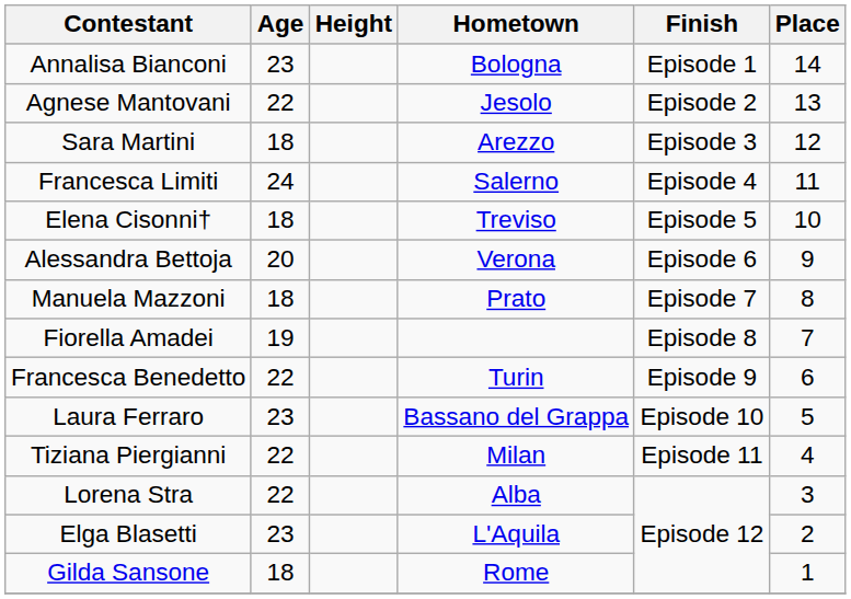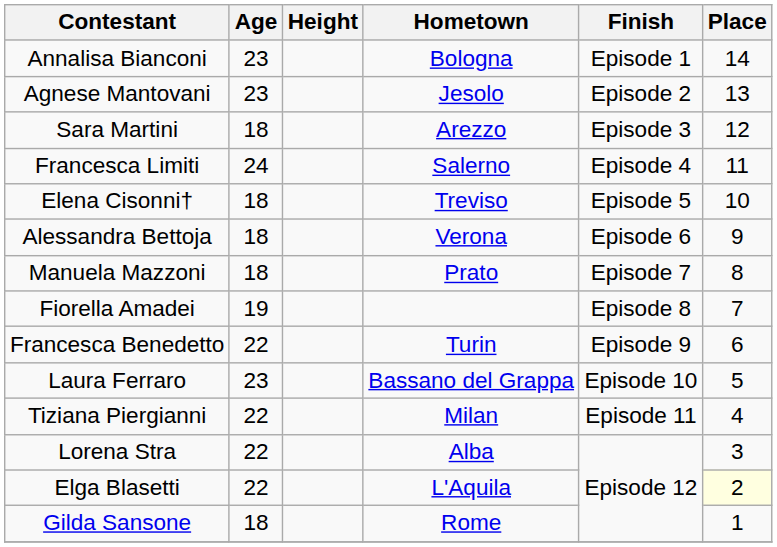 <table class="wikitable sortable" style="text-align:center;">
 <tr>
 <th colspan="1">Contestant</th>
 <th colspan="1">Age</th>
 <th colspan="1">Height</th>
 <th colspan="1">Hometown</th>
 <th colspan="1">Finish</th>
 <th>Place</th>
 </tr>
 <tr>
 <td>Annalisa Bianconi</td>
 <td>23</td>
 <td></td>
 <td><a href='#'>Bologna</a></td>
 <td>Episode 1</td>
 <td>14</td>
 </tr>
 <tr>
 <td>Agnese Mantovani</td>
-<td>22</td>
+<td>23</td>
 <td></td>
 <td><a href='#'>Jesolo</a></td>
 <td>Episode 2</td>
 <td>13</td>
 </tr>
 <tr>
 <td>Sara Martini</td>
 <td>18</td>
 <td></td>
 <td><a href='#'>Arezzo</a></td>
 <td>Episode 3</td>
 <td>12</td>
 </tr>
 <tr>
 <td>Francesca Limiti</td>
 <td>24</td>
 <td></td>
 <td><a href='#'>Salerno</a></td>
 <td>Episode 4</td>
 <td>11</td>
 </tr>
 <tr>
 <td>Elena Cisonni†</td>
 <td>18</td>
 <td></td>
 <td><a href='#'>Treviso</a></td>
 <td>Episode 5</td>
 <td>10</td>
 </tr>
 <tr>
 <td>Alessandra Bettoja</td>
-<td>20</td>
+<td>18</td>
 <td></td>
 <td><a href='#'>Verona</a></td>
 <td>Episode 6</td>
 <td>9</td>
 </tr>
 <tr>
 <td>Manuela Mazzoni</td>
 <td>18</td>
 <td></td>
 <td><a href='#'>Prato</a></td>
 <td>Episode 7</td>
 <td>8</td>
 </tr>
 <tr>
 <td>Fiorella Amadei</td>
 <td>19</td>
 <td></td>
 <td></td>
 <td>Episode 8</td>
 <td>7</td>
 </tr>
 <tr>
 <td>Francesca Benedetto</td>
 <td>22</td>
 <td></td>
 <td><a href='#'>Turin</a></td>
 <td>Episode 9</td>
 <td>6</td>
 </tr>
 <tr>
 <td>Laura Ferraro</td>
 <td>23</td>
 <td></td>
 <td><a href='#'>Bassano del Grappa</a></td>
 <td>Episode 10</td>
 <td>5</td>
 </tr>
 <tr>
 <td>Tiziana Piergianni</td>
 <td>22</td>
 <td></td>
 <td><a href='#'>Milan</a></td>
 <td>Episode 11</td>
 <td>4</td>
 </tr>
 <tr>
 <td>Lorena Stra</td>
 <td>22</td>
 <td></td>
 <td><a href='#'>Alba</a></td>
 <td rowspan="3">Episode 12</td>
 <td>3</td>
 </tr>
 <tr>
 <td>Elga Blasetti</td>
-<td>23</td>
+<td>22</td>
 <td></td>
 <td><a href='#'>L'Aquila</a></td>
-<td>2</td>
+<td style="background: lightyellow;">2</td>
 </tr>
 <tr>
 <td><a href='#'>Gilda Sansone</a></td>
 <td>18</td>
 <td></td>
 <td><a href='#'>Rome</a></td>
 <td>1</td>
 </tr>
 <tr>
 </tr>
 </table>
